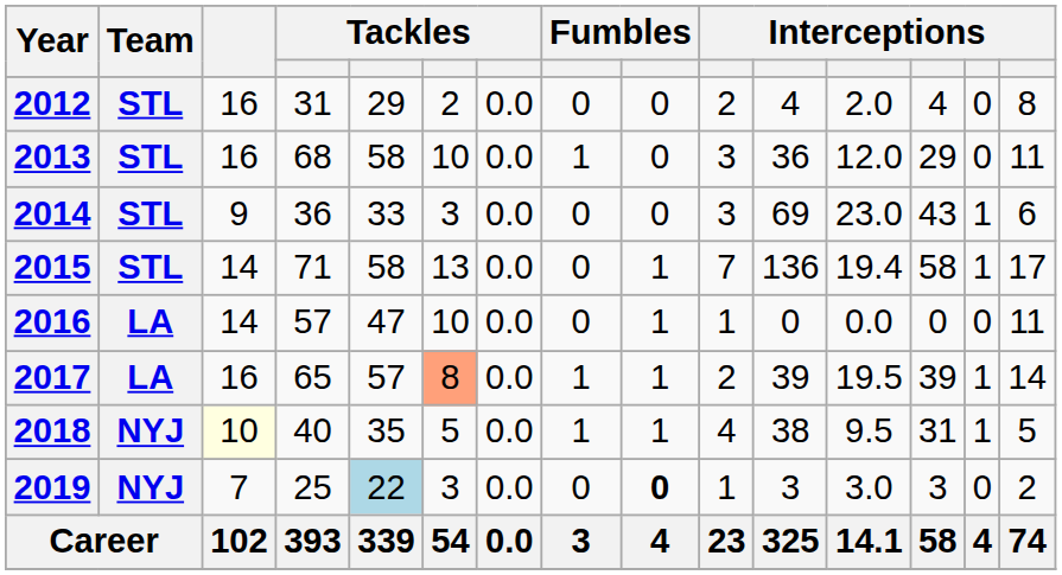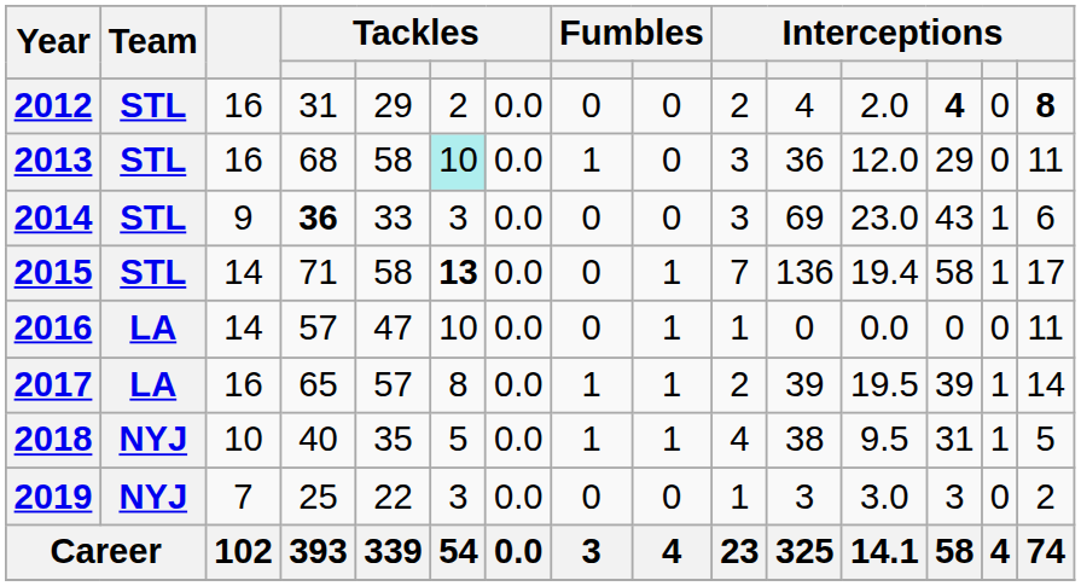 <table class="wikitable sortable" style="text-align:center;">
 <tr>
 <th rowspan="2">Year</th>
 <th rowspan="2">Team</th>
 <th rowspan="2"></th>
 <th colspan="4">Tackles</th>
 <th colspan="2">Fumbles</th>
 <th colspan="6">Interceptions</th>
 </tr>
 <tr>
 <th></th>
 <th></th>
 <th></th>
 <th></th>
 <th></th>
 <th></th>
 <th></th>
 <th></th>
 <th></th>
 <th></th>
 <th></th>
 <th></th>
 </tr>
 <tr>
 <th><a href='#'>2012</a></th>
 <th><a href='#'>STL</a></th>
 <td>16</td>
 <td>31</td>
 <td>29</td>
 <td>2</td>
 <td>0.0</td>
 <td>0</td>
 <td>0</td>
 <td>2</td>
 <td>4</td>
 <td>2.0</td>
-<td>4</td>
+<td><strong>4</strong></td>
 <td>0</td>
-<td>8</td>
+<td><strong>8</strong></td>
 </tr>
 <tr>
 <th><a href='#'>2013</a></th>
 <th><a href='#'>STL</a></th>
 <td>16</td>
 <td>68</td>
 <td>58</td>
-<td>10</td>
+<td style="background: paleturquoise;">10</td>
 <td>0.0</td>
 <td>1</td>
 <td>0</td>
 <td>3</td>
 <td>36</td>
 <td>12.0</td>
 <td>29</td>
 <td>0</td>
 <td>11</td>
 </tr>
 <tr>
 <th><a href='#'>2014</a></th>
 <th><a href='#'>STL</a></th>
 <td>9</td>
-<td>36</td>
+<td><strong>36</strong></td>
 <td>33</td>
 <td>3</td>
 <td>0.0</td>
 <td>0</td>
 <td>0</td>
 <td>3</td>
 <td>69</td>
 <td>23.0</td>
 <td>43</td>
 <td>1</td>
 <td>6</td>
 </tr>
 <tr>
 <th><a href='#'>2015</a></th>
 <th><a href='#'>STL</a></th>
 <td>14</td>
 <td>71</td>
 <td>58</td>
-<td>13</td>
+<td><strong>13</strong></td>
 <td>0.0</td>
 <td>0</td>
 <td>1</td>
 <td>7</td>
 <td>136</td>
 <td>19.4</td>
 <td>58</td>
 <td>1</td>
 <td>17</td>
 </tr>
 <tr>
 <th><a href='#'>2016</a></th>
 <th><a href='#'>LA</a></th>
 <td>14</td>
 <td>57</td>
 <td>47</td>
 <td>10</td>
 <td>0.0</td>
 <td>0</td>
 <td>1</td>
 <td>1</td>
 <td>0</td>
 <td>0.0</td>
 <td>0</td>
 <td>0</td>
 <td>11</td>
 </tr>
 <tr>
 <th><a href='#'>2017</a></th>
 <th><a href='#'>LA</a></th>
 <td>16</td>
 <td>65</td>
 <td>57</td>
-<td style="background: lightsalmon;">8</td>
+<td>8</td>
 <td>0.0</td>
 <td>1</td>
 <td>1</td>
 <td>2</td>
 <td>39</td>
 <td>19.5</td>
 <td>39</td>
 <td>1</td>
 <td>14</td>
 </tr>
 <tr>
 <th><a href='#'>2018</a></th>
 <th><a href='#'>NYJ</a></th>
-<td style="background: lightyellow;">10</td>
+<td>10</td>
 <td>40</td>
 <td>35</td>
 <td>5</td>
 <td>0.0</td>
 <td>1</td>
 <td>1</td>
 <td>4</td>
 <td>38</td>
 <td>9.5</td>
 <td>31</td>
 <td>1</td>
 <td>5</td>
 </tr>
 <tr>
 <th><a href='#'>2019</a></th>
 <th><a href='#'>NYJ</a></th>
 <td>7</td>
 <td>25</td>
-<td style="background: lightblue;">22</td>
+<td>22</td>
 <td>3</td>
 <td>0.0</td>
 <td>0</td>
-<td><strong>0</strong></td>
+<td>0</td>
 <td>1</td>
 <td>3</td>
 <td>3.0</td>
 <td>3</td>
 <td>0</td>
 <td>2</td>
 </tr>
 <tr>
 <th colspan="2">Career</th>
 <th>102</th>
 <th>393</th>
 <th>339</th>
 <th>54</th>
 <th>0.0</th>
 <th>3</th>
 <th>4</th>
 <th>23</th>
 <th>325</th>
 <th>14.1</th>
 <th>58</th>
 <th>4</th>
 <th>74</th>
 </tr>
 <tr>
 </tr>
 </table>
